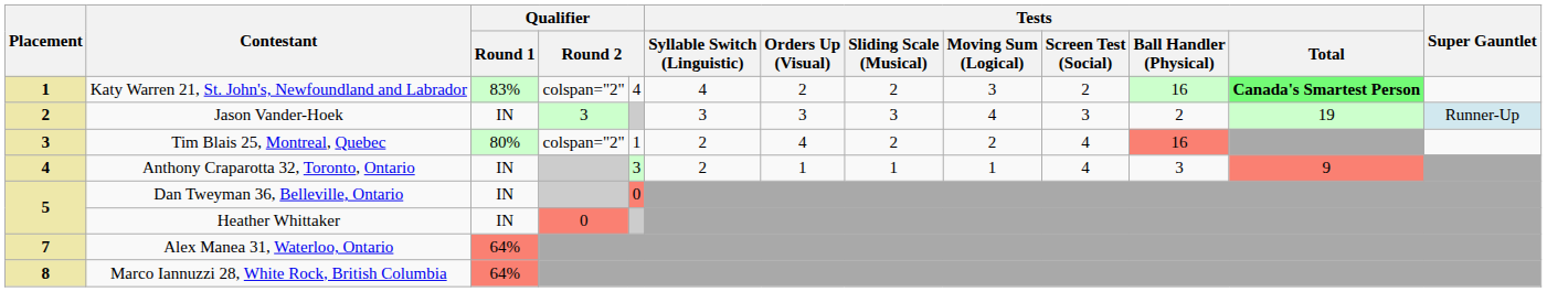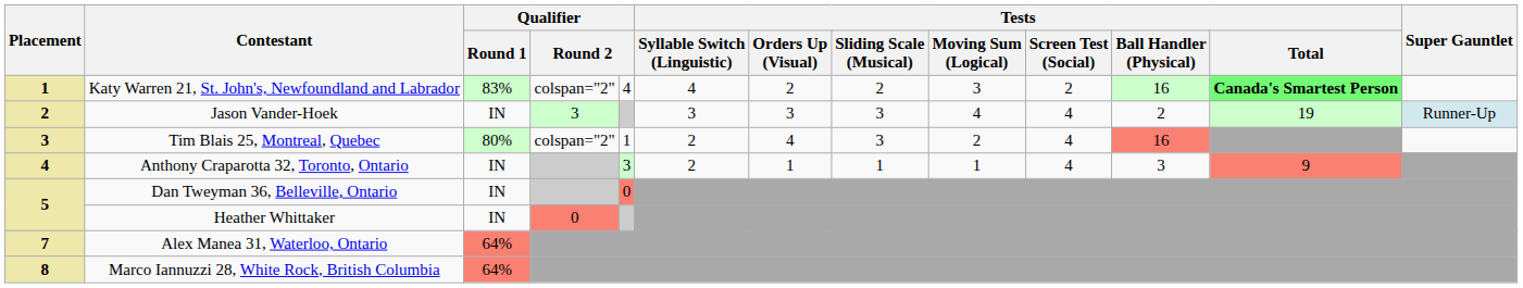 <table class="wikitable" style="text-align:center;">
 <tr>
 <th rowspan="2">Placement</th>
 <th rowspan="2">Contestant</th>
 <th colspan="3">Qualifier</th>
 <th colspan="7">Tests</th>
 <th rowspan="2">Super Gauntlet</th>
 </tr>
 <tr>
 <th>Round 1</th>
 <th colspan="2">Round 2</th>
 <th>Syllable Switch<br>(Linguistic)</th>
 <th>Orders Up<br>(Visual)</th>
 <th>Sliding Scale<br>(Musical)</th>
 <th>Moving Sum<br>(Logical)</th>
 <th>Screen Test<br>(Social)</th>
 <th>Ball Handler<br>(Physical)</th>
 <th>Total</th>
 </tr>
 <tr>
 <td align="center" bgcolor="palegoldenrod"><strong>1</strong></td>
 <td>Katy Warren 21, <a href='#'>St. John's, Newfoundland and Labrador</a></td>
 <td align="center" bgcolor="#cfc">83%</td>
 <td>colspan="2" </td>
 <td>4</td>
 <td>4</td>
 <td>2</td>
 <td>2</td>
 <td>3</td>
 <td>2</td>
 <td bgcolor="#cfc">16</td>
 <td align="center" bgcolor="#73FB76"><strong>Canada's Smartest Person</strong></td>
 </tr>
 <tr>
 <td align="center" bgcolor="palegoldenrod"><strong>2</strong></td>
 <td>Jason Vander-Hoek</td>
 <td align="center">IN</td>
 <td align="center" bgcolor="#cfc">3</td>
 <td bgcolor="#ccc"></td>
 <td>3</td>
 <td>3</td>
 <td>3</td>
 <td>4</td>
-<td>3</td>
+<td>4</td>
 <td>2</td>
 <td bgcolor="#cfc">19</td>
 <td bgcolor="#D1E8EF">Runner-Up</td>
 </tr>
 <tr>
 <td align="center" bgcolor="palegoldenrod"><strong>3</strong></td>
 <td>Tim Blais 25, <a href='#'>Montreal</a>, <a href='#'>Quebec</a></td>
 <td align="center" bgcolor="#cfc">80%</td>
 <td>colspan="2" </td>
 <td>1</td>
 <td>2</td>
 <td>4</td>
-<td>2</td>
+<td>3</td>
 <td>2</td>
 <td>4</td>
 <td bgcolor="salmon">16</td>
 <td bgcolor=darkgrey></td>
 </tr>
 <tr>
 <td align="center" bgcolor="palegoldenrod"><strong>4</strong></td>
 <td>Anthony Craparotta 32, <a href='#'>Toronto</a>, <a href='#'>Ontario</a></td>
 <td align="center">IN</td>
 <td bgcolor="#ccc"></td>
 <td align="center" bgcolor="#cfc">3</td>
 <td>2</td>
 <td>1</td>
 <td>1</td>
 <td>1</td>
 <td>4</td>
 <td>3</td>
 <td align="center" bgcolor="salmon">9</td>
 <td bgcolor=darkgrey></td>
 </tr>
 <tr>
 <td rowspan="2" align="center" bgcolor="palegoldenrod"><strong>5</strong></td>
 <td>Dan Tweyman 36, <a href='#'>Belleville, Ontario</a></td>
 <td align="center">IN</td>
 <td bgcolor="#ccc"></td>
 <td align="center" bgcolor="salmon">0</td>
 <td colspan="8" bgcolor=darkgrey></td>
 </tr>
 <tr>
 <td>Heather Whittaker</td>
 <td align="center">IN</td>
 <td align="center" bgcolor="salmon">0</td>
 <td bgcolor="#ccc"></td>
 <td colspan="8" bgcolor=darkgrey></td>
 </tr>
 <tr>
 <td align="center" bgcolor="palegoldenrod"><strong>7</strong></td>
 <td>Alex Manea 31, <a href='#'>Waterloo, Ontario</a></td>
 <td align="center" bgcolor="salmon">64%</td>
 <td colspan="10" bgcolor=darkgrey></td>
 </tr>
 <tr>
 <td align="center" bgcolor="palegoldenrod"><strong>8</strong></td>
 <td>Marco Iannuzzi 28, <a href='#'>White Rock, British Columbia</a></td>
 <td align="center" bgcolor="salmon">64%</td>
 <td colspan="10" bgcolor=darkgrey></td>
 </tr>
 </table>
